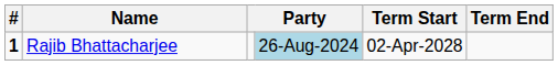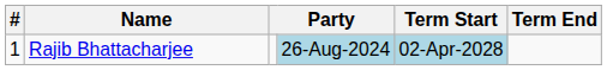 <table class="wikitable sortable">
 <tr>
 <th>#</th>
 <th style="width:200px">Name</th>
 <th colspan="2">Party</th>
 <th>Term Start</th>
 <th>Term End</th>
 </tr>
 <tr>
-<td><strong>1</strong></td>
+<td>1</td>
 <td><a href='#'>Rajib Bhattacharjee</a></td>
 <td></td>
 <td style="background: lightblue;">26-Aug-2024</td>
-<td>02-Apr-2028</td>
+<td style="background: lightblue;">02-Apr-2028</td>
 </tr>
 </table>
